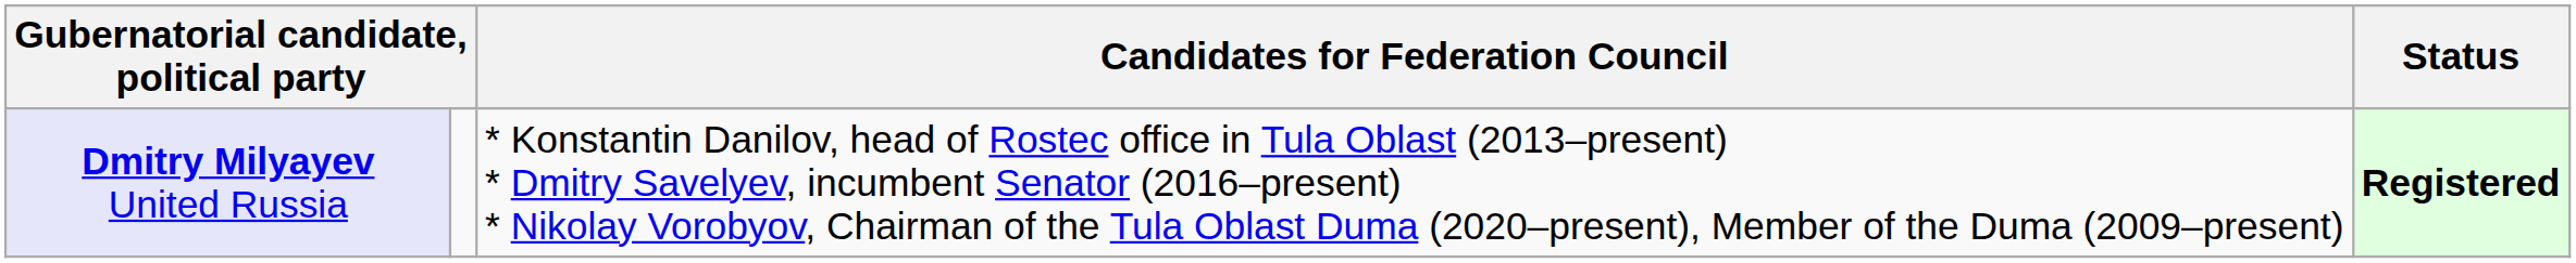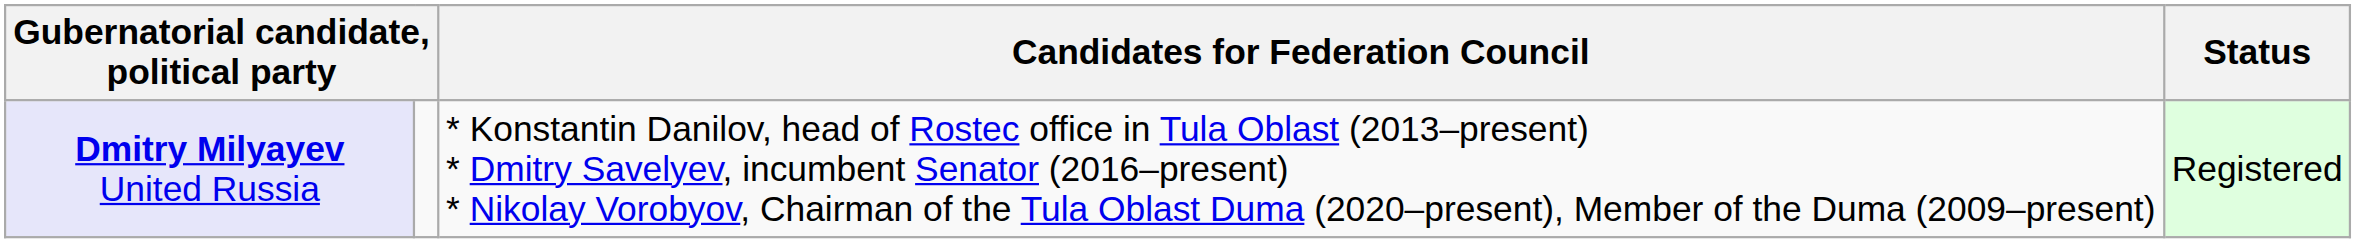 <table class="wikitable" style="text-align:center;">
 <tr>
 <th colspan="2">Gubernatorial candidate,<br>political party</th>
 <th>Candidates for Federation Council</th>
 <th>Status</th>
 </tr>
 <tr>
 <td style="background:lavender;"><strong><a href='#'>Dmitry Milyayev</a></strong><br><a href='#'>United Russia</a></td>
 <td style="background-color:"></td>
 <td align=left>* Konstantin Danilov, head of <a href='#'>Rostec</a> office in <a href='#'>Tula Oblast</a> (2013–present)<br>* <a href='#'>Dmitry Savelyev</a>, incumbent <a href='#'>Senator</a> (2016–present)<br>* <a href='#'>Nikolay Vorobyov</a>, Chairman of the <a href='#'>Tula Oblast Duma</a> (2020–present), Member of the Duma (2009–present)</td>
-<td bgcolor="#DFFFDF"><strong>Registered</strong></td>
+<td bgcolor="#DFFFDF">Registered</td>
 </tr>
 </table>
